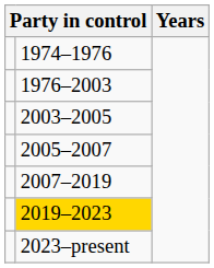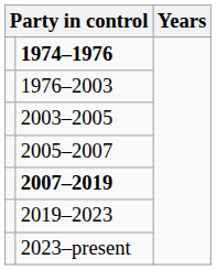 <table class="wikitable">
 <tr>
 <th colspan="2">Party in control</th>
 <th>Years</th>
 </tr>
 <tr>
 <td></td>
-<td>1974–1976</td>
+<td><strong>1974–1976</strong></td>
 </tr>
 <tr>
 <td></td>
 <td>1976–2003</td>
 </tr>
 <tr>
 <td></td>
 <td>2003–2005</td>
 </tr>
 <tr>
 <td></td>
 <td>2005–2007</td>
 </tr>
 <tr>
 <td></td>
-<td>2007–2019</td>
+<td><strong>2007–2019</strong></td>
 </tr>
 <tr>
 <td></td>
-<td style="background: gold;">2019–2023</td>
+<td>2019–2023</td>
 </tr>
 <tr>
 <td></td>
 <td>2023–present</td>
 </tr>
 </table>
